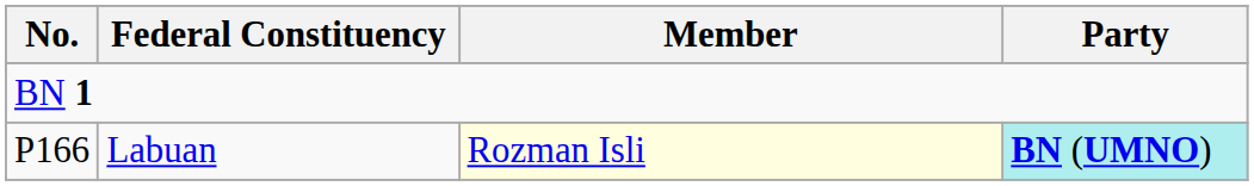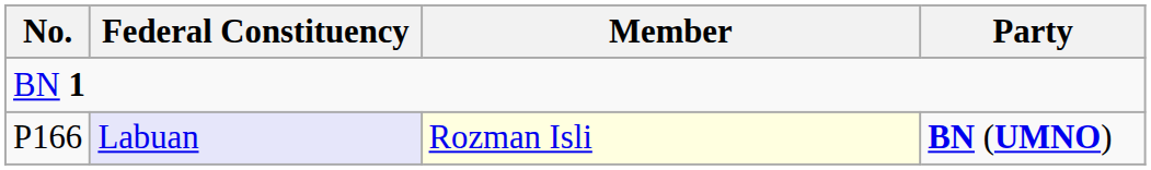 <table class ="wikitable sortable">
 <tr>
 <th style="width:30px;">No.</th>
 <th style="width:150px;">Federal Constituency</th>
 <th style="width:230px;">Member</th>
 <th style="width:100px;">Party</th>
 </tr>
 <tr>
 <td colspan="4"><a href='#'>BN</a> <strong>1</strong></td>
 </tr>
 <tr>
 <td>P166</td>
-<td><a href='#'>Labuan</a></td>
+<td style="background: lavender;"><a href='#'>Labuan</a></td>
 <td style="background: lightyellow;"><a href='#'>Rozman Isli</a></td>
-<td style="background: paleturquoise;"><strong><a href='#'>BN</a></strong> (<strong><a href='#'>UMNO</a></strong>)</td>
+<td><strong><a href='#'>BN</a></strong> (<strong><a href='#'>UMNO</a></strong>)</td>
 </tr>
 </table>
